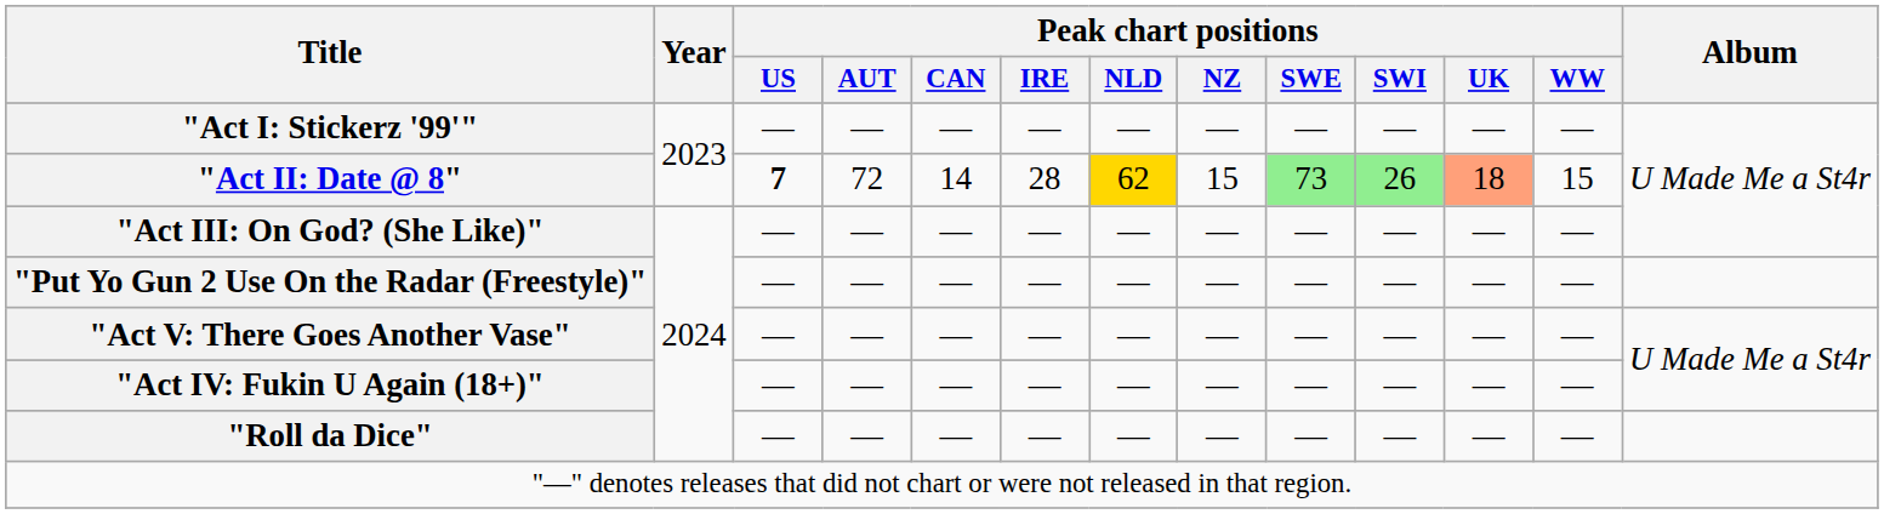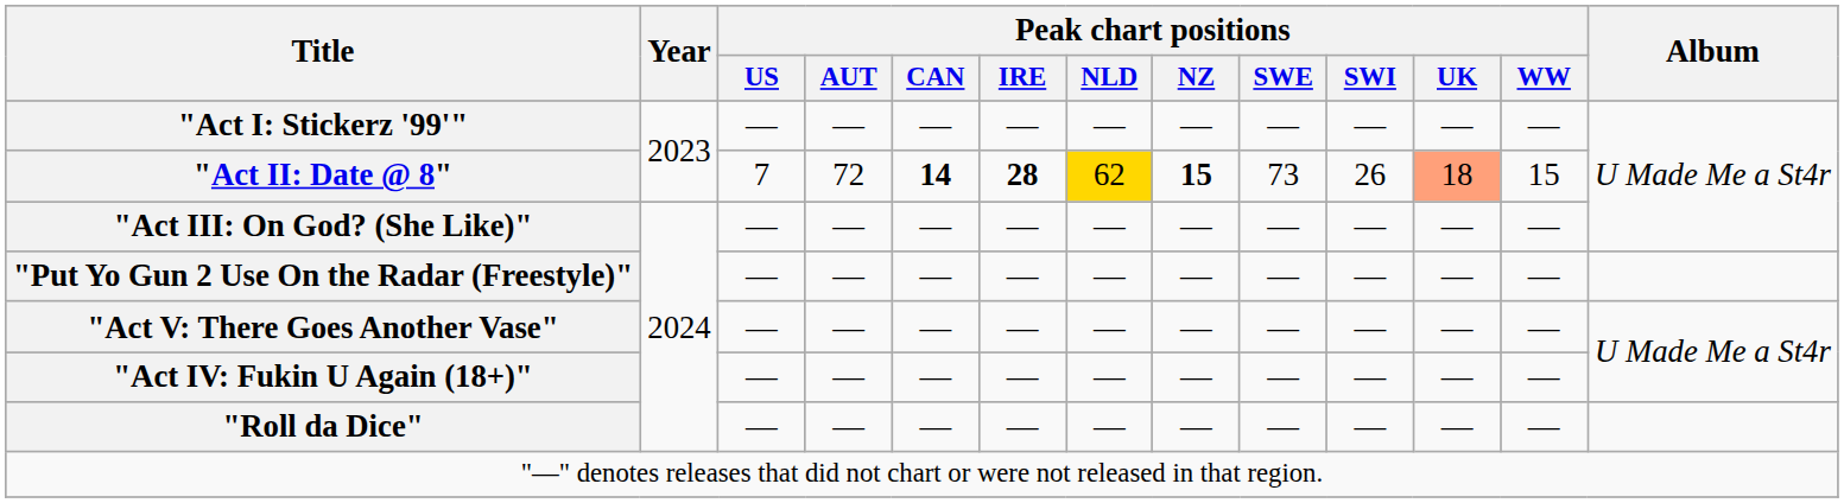 <table class="wikitable plainrowheaders" style="text-align:center;">
 <tr>
 <th scope="col" rowspan="2">Title</th>
 <th scope="col" rowspan="2">Year</th>
 <th scope="col" colspan="10">Peak chart positions</th>
 <th scope="col" rowspan="2">Album</th>
 </tr>
 <tr>
 <th scope="col" style="width:2.75em;font-size:85%;"><a href='#'>US</a><br></th>
 <th scope="col" style="width:2.75em;font-size:85%;"><a href='#'>AUT</a><br></th>
 <th scope="col" style="width:2.75em;font-size:85%;"><a href='#'>CAN</a><br></th>
 <th scope="col" style="width:2.75em;font-size:85%;"><a href='#'>IRE</a><br></th>
 <th scope="col" style="width:2.75em;font-size:85%;"><a href='#'>NLD</a><br></th>
 <th scope="col" style="width:2.75em;font-size:85%;"><a href='#'>NZ</a><br></th>
 <th scope="col" style="width:2.75em;font-size:85%;"><a href='#'>SWE</a><br></th>
 <th scope="col" style="width:2.75em;font-size:85%;"><a href='#'>SWI</a><br></th>
 <th scope="col" style="width:2.75em;font-size:85%;"><a href='#'>UK</a><br></th>
 <th scope="col" style="width:2.75em;font-size:85%;"><a href='#'>WW</a><br></th>
 </tr>
 <tr>
 <th scope="row">"Act I: Stickerz '99'"</th>
 <td rowspan="2">2023</td>
 <td>—</td>
 <td>—</td>
 <td>—</td>
 <td>—</td>
 <td>—</td>
 <td>—</td>
 <td>—</td>
 <td>—</td>
 <td>—</td>
 <td>—</td>
 <td rowspan="3"><em>U Made Me a St4r</em></td>
 </tr>
 <tr>
 <th scope="row">"<a href='#'>Act II: Date @ 8</a>"<br></th>
-<td><strong>7</strong></td>
+<td>7</td>
 <td>72</td>
-<td>14</td>
-<td>28</td>
+<td><strong>14</strong></td>
+<td><strong>28</strong></td>
 <td style="background: gold;">62</td>
-<td>15</td>
-<td style="background: lightgreen;">73</td>
-<td style="background: lightgreen;">26</td>
+<td><strong>15</strong></td>
+<td>73</td>
+<td>26</td>
 <td style="background: lightsalmon;">18</td>
 <td>15</td>
 </tr>
 <tr>
 <th scope="row">"Act III: On God? (She Like)"<br></th>
 <td rowspan="5">2024</td>
 <td>—</td>
 <td>—</td>
 <td>—</td>
 <td>—</td>
 <td>—</td>
 <td>—</td>
 <td>—</td>
 <td>—</td>
 <td>—</td>
 <td>—</td>
 </tr>
 <tr>
 <th scope="row">"Put Yo Gun 2 Use On the Radar (Freestyle)"</th>
 <td>—</td>
 <td>—</td>
 <td>—</td>
 <td>—</td>
 <td>—</td>
 <td>—</td>
 <td>—</td>
 <td>—</td>
 <td>—</td>
 <td>—</td>
 <td></td>
 </tr>
 <tr>
 <th scope="row">"Act V: There Goes Another Vase"</th>
 <td>—</td>
 <td>—</td>
 <td>—</td>
 <td>—</td>
 <td>—</td>
 <td>—</td>
 <td>—</td>
 <td>—</td>
 <td>—</td>
 <td>—</td>
 <td rowspan="2"><em>U Made Me a St4r</em></td>
 </tr>
 <tr>
 <th scope="row">"Act IV: Fukin U Again (18+)"<br></th>
 <td>—</td>
 <td>—</td>
 <td>—</td>
 <td>—</td>
 <td>—</td>
 <td>—</td>
 <td>—</td>
 <td>—</td>
 <td>—</td>
 <td>—</td>
 </tr>
 <tr>
 <th scope="row">"Roll da Dice"<br></th>
 <td>—</td>
 <td>—</td>
 <td>—</td>
 <td>—</td>
 <td>—</td>
 <td>—</td>
 <td>—</td>
 <td>—</td>
 <td>—</td>
 <td>—</td>
 <td></td>
 </tr>
 <tr>
 <td colspan="13" style="font-size:85%">"—" denotes releases that did not chart or were not released in that region.</td>
 </tr>
 </table>
